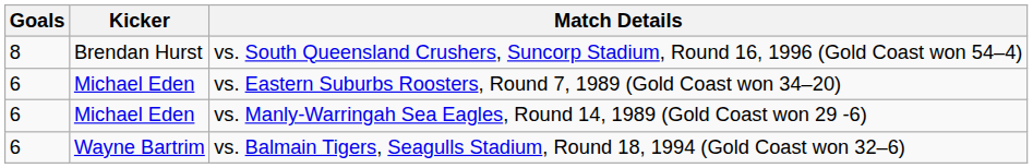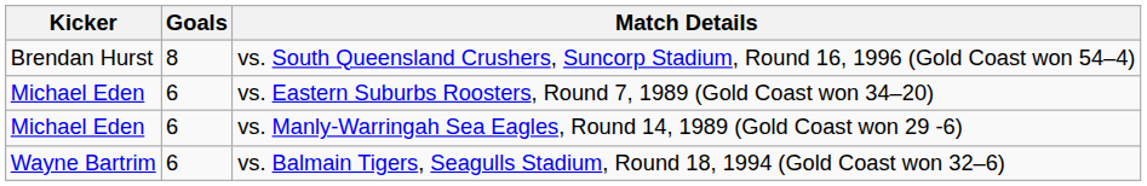 <table class="wikitable">
 <tr>
+<th>Kicker</th>
 <th>Goals</th>
-<th>Kicker</th>
 <th>Match Details</th>
 </tr>
 <tr>
+<td>Brendan Hurst</td>
 <td>8</td>
-<td>Brendan Hurst</td>
 <td>vs. <a href='#'>South Queensland Crushers</a>, <a href='#'>Suncorp Stadium</a>, Round 16, 1996 (Gold Coast won 54–4)</td>
 </tr>
 <tr>
+<td><a href='#'>Michael Eden</a></td>
 <td>6</td>
-<td><a href='#'>Michael Eden</a></td>
 <td>vs. <a href='#'>Eastern Suburbs Roosters</a>, Round 7, 1989 (Gold Coast won 34–20)</td>
 </tr>
 <tr>
+<td><a href='#'>Michael Eden</a></td>
 <td>6</td>
-<td><a href='#'>Michael Eden</a></td>
 <td>vs. <a href='#'>Manly-Warringah Sea Eagles</a>, Round 14, 1989 (Gold Coast won 29 -6)</td>
 </tr>
 <tr>
+<td><a href='#'>Wayne Bartrim</a></td>
 <td>6</td>
-<td><a href='#'>Wayne Bartrim</a></td>
 <td>vs. <a href='#'>Balmain Tigers</a>, <a href='#'>Seagulls Stadium</a>, Round 18, 1994 (Gold Coast won 32–6)</td>
 </tr>
 </table>
